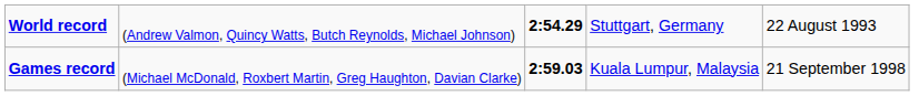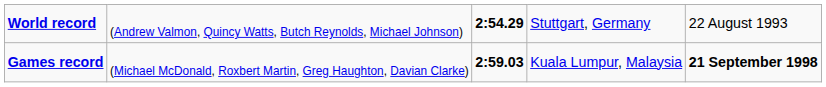 <table class="wikitable">
 <tr>
 <td><a href='#'><strong>World record</strong></a></td>
 <td><br><small>(<a href='#'>Andrew Valmon</a>, <a href='#'>Quincy Watts</a>, <a href='#'>Butch Reynolds</a>, <a href='#'>Michael Johnson</a>)</small></td>
 <td><strong>2:54.29</strong></td>
 <td><a href='#'>Stuttgart</a>, <a href='#'>Germany</a></td>
 <td>22 August 1993</td>
 </tr>
 <tr>
 <td><a href='#'><strong>Games record</strong></a></td>
 <td><br><small>(<a href='#'>Michael McDonald</a>, <a href='#'>Roxbert Martin</a>, <a href='#'>Greg Haughton</a>, <a href='#'>Davian Clarke</a>)</small></td>
 <td><strong>2:59.03</strong></td>
 <td><a href='#'>Kuala Lumpur</a>, <a href='#'>Malaysia</a></td>
-<td>21 September 1998</td>
+<td><strong>21 September 1998</strong></td>
 </tr>
 </table>
